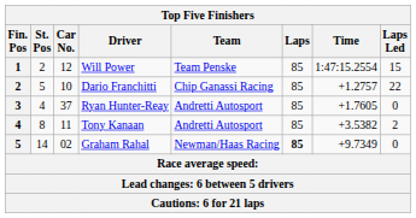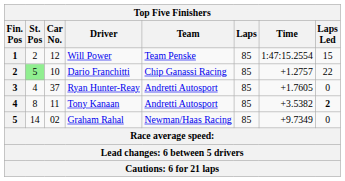 <table class="wikitable" style="font-size:95%;">
 <tr>
 <th colspan=9>Top Five Finishers</th>
 </tr>
 <tr>
 <th>Fin.<br>Pos</th>
 <th>St.<br>Pos</th>
 <th>Car<br>No.</th>
 <th>Driver</th>
 <th>Team</th>
 <th>Laps</th>
 <th>Time</th>
 <th>Laps<br>Led</th>
 </tr>
 <tr>
 <th>1</th>
 <td align=center>2</td>
 <td align=center>12</td>
 <td> <a href='#'>Will Power</a></td>
 <td><a href='#'>Team Penske</a></td>
 <td align=center>85</td>
 <td align=right>1:47:15.2554</td>
 <td align=center>15</td>
 </tr>
 <tr>
 <th>2</th>
-<td align=center>5</td>
+<td align=center style="background: lightgreen;">5</td>
 <td align=center>10</td>
 <td> <a href='#'>Dario Franchitti</a></td>
 <td><a href='#'>Chip Ganassi Racing</a></td>
 <td align=center>85</td>
 <td align=right>+1.2757</td>
 <td align=center>22</td>
 </tr>
 <tr>
 <th>3</th>
 <td align=center>4</td>
 <td align=center>37</td>
 <td> <a href='#'>Ryan Hunter-Reay</a></td>
 <td><a href='#'>Andretti Autosport</a></td>
 <td align=center>85</td>
 <td align=right>+1.7605</td>
 <td align=center>0</td>
 </tr>
 <tr>
 <th>4</th>
 <td align=center>8</td>
 <td align=center>11</td>
 <td> <a href='#'>Tony Kanaan</a></td>
 <td><a href='#'>Andretti Autosport</a></td>
 <td align=center>85</td>
 <td align=right>+3.5382</td>
-<td align=center>2</td>
+<td align=center><strong>2</strong></td>
 </tr>
 <tr>
 <th>5</th>
 <td align=center>14</td>
 <td align=center>02</td>
 <td> <a href='#'>Graham Rahal</a></td>
 <td><a href='#'>Newman/Haas Racing</a></td>
-<td align=center><strong>85</strong></td>
+<td align=center>85</td>
 <td align=right>+9.7349</td>
 <td align=center>0</td>
 </tr>
 <tr>
 <th colspan=9>Race average speed: </th>
 </tr>
 <tr>
 <th colspan=9>Lead changes: 6 between 5 drivers</th>
 </tr>
 <tr>
 <th colspan=9>Cautions: 6 for 21 laps</th>
 </tr>
 </table>
